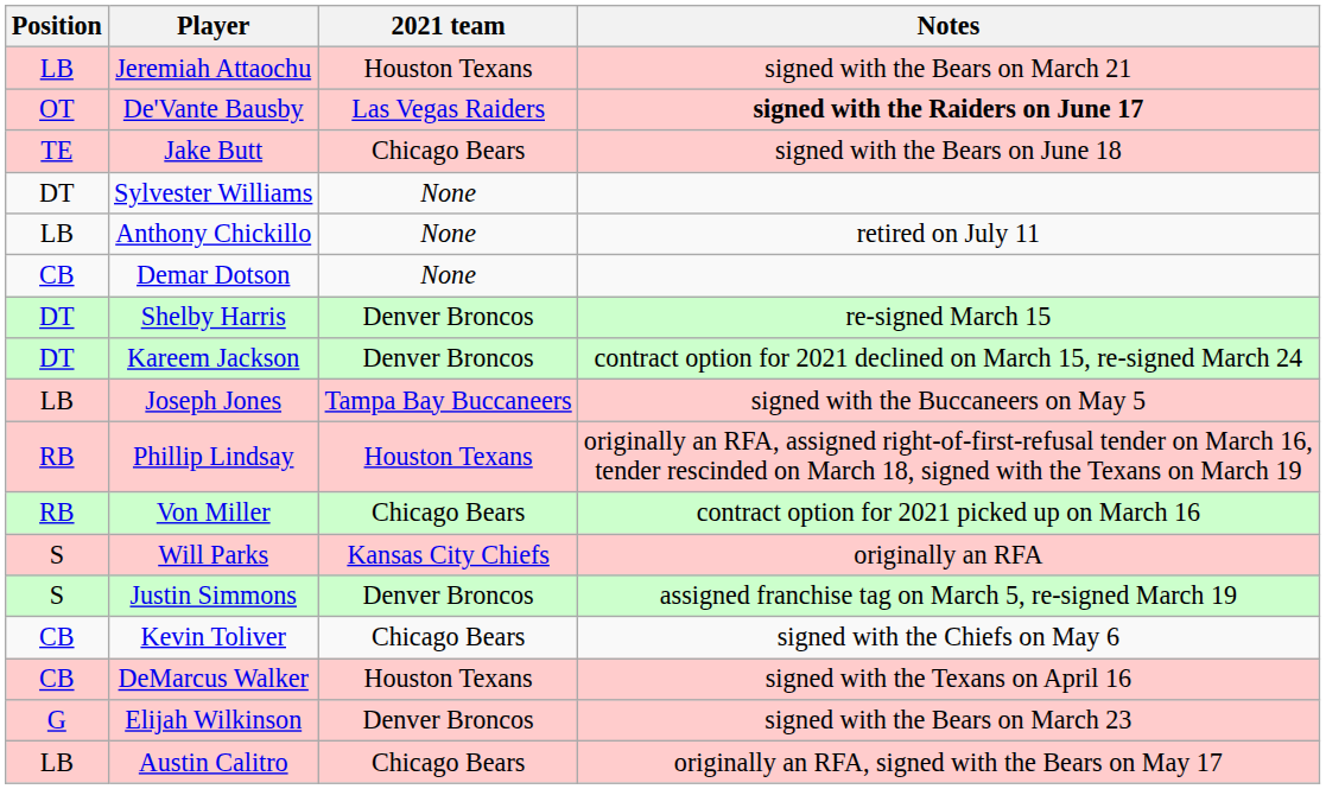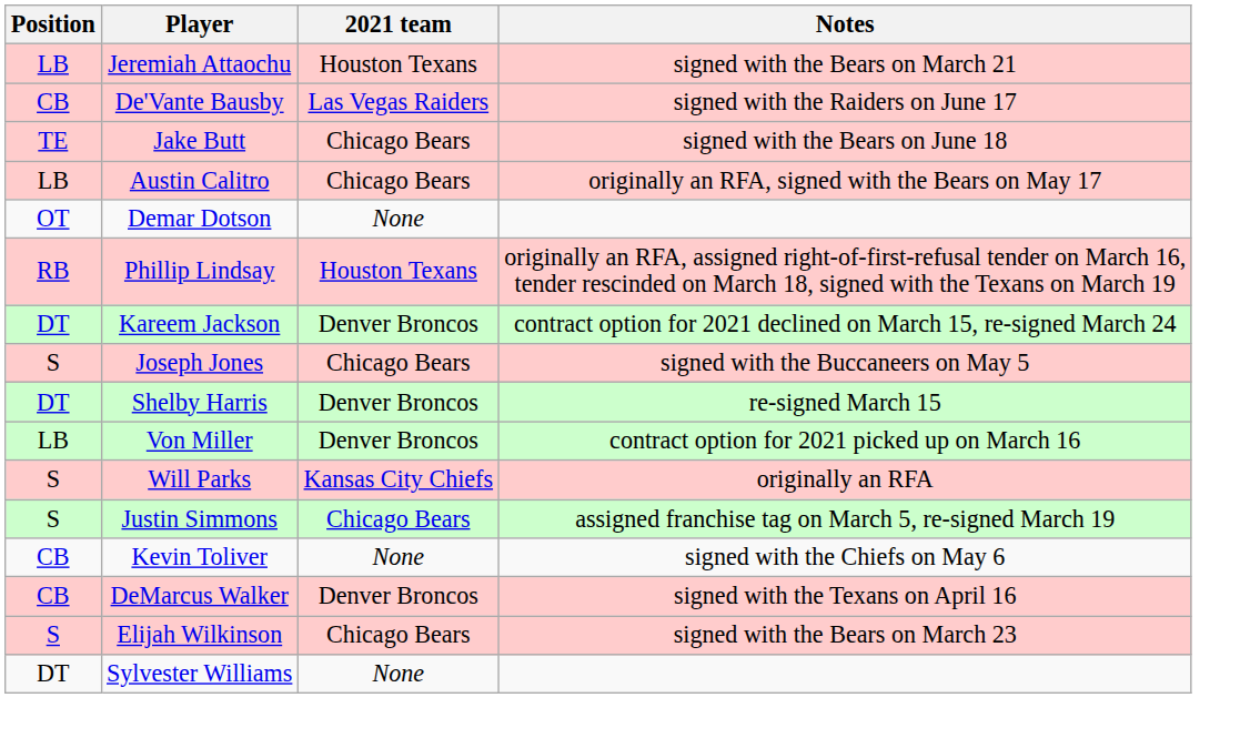 <table class="wikitable" style="text-align:center">
 <tr>
 <th>Position</th>
 <th>Player</th>
 <th>2021 team</th>
 <th>Notes</th>
 </tr>
 <tr style="background:#fcc">
 <td><a href='#'>LB</a></td>
 <td><a href='#'>Jeremiah Attaochu</a></td>
 <td>Houston Texans</td>
 <td>signed with the Bears on March 21</td>
 </tr>
 <tr style="background:#fcc">
-<td><a href='#'>OT</a></td>
+<td><a href='#'>CB</a></td>
 <td><a href='#'>De'Vante Bausby</a></td>
 <td><a href='#'>Las Vegas Raiders</a></td>
-<td><strong>signed with the Raiders on June 17</strong></td>
+<td>signed with the Raiders on June 17</td>
 </tr>
 <tr style="background:#fcc">
 <td><a href='#'>TE</a></td>
 <td><a href='#'>Jake Butt</a></td>
 <td>Chicago Bears</td>
 <td>signed with the Bears on June 18</td>
 </tr>
+<tr style="background:#fcc">
+<td>LB</td>
+<td><a href='#'>Austin Calitro</a></td>
+<td>Chicago Bears</td>
+<td>originally an RFA, signed with the Bears on May 17</td>
+</tr>
 <tr style="background:#">
-<td>DT</td>
-<td><a href='#'>Sylvester Williams</a></td>
+<td><a href='#'>OT</a></td>
+<td><a href='#'>Demar Dotson</a></td>
 <td><em>None</em></td>
 <td></td>
 </tr>
-<tr style="background:#">
-<td>LB</td>
-<td><a href='#'>Anthony Chickillo</a></td>
-<td><em>None</em></td>
-<td>retired on July 11</td>
+<tr style="background:#fcc">
+<td><a href='#'>RB</a></td>
+<td><a href='#'>Phillip Lindsay</a></td>
+<td><a href='#'>Houston Texans</a></td>
+<td>originally an RFA, assigned right-of-first-refusal tender on March 16,<br>tender rescinded on March 18, signed with the Texans on March 19</td>
 </tr>
-<tr style="background:#">
-<td><a href='#'>CB</a></td>
-<td><a href='#'>Demar Dotson</a></td>
-<td><em>None</em></td>
-<td></td>
+<tr style="background:#cfc">
+<td><a href='#'>DT</a></td>
+<td><a href='#'>Kareem Jackson</a></td>
+<td>Denver Broncos</td>
+<td>contract option for 2021 declined on March 15, re-signed March 24</td>
+</tr>
+<tr style="background:#fcc">
+<td>S</td>
+<td><a href='#'>Joseph Jones</a></td>
+<td>Chicago Bears</td>
+<td>signed with the Buccaneers on May 5</td>
 </tr>
 <tr style="background:#cfc">
 <td><a href='#'>DT</a></td>
 <td><a href='#'>Shelby Harris</a></td>
 <td>Denver Broncos</td>
 <td>re-signed March 15</td>
 </tr>
 <tr style="background:#cfc">
-<td><a href='#'>DT</a></td>
-<td><a href='#'>Kareem Jackson</a></td>
+<td>LB</td>
+<td><a href='#'>Von Miller</a></td>
 <td>Denver Broncos</td>
-<td>contract option for 2021 declined on March 15, re-signed March 24</td>
-</tr>
-<tr style="background:#fcc">
-<td>LB</td>
-<td><a href='#'>Joseph Jones</a></td>
-<td><a href='#'>Tampa Bay Buccaneers</a></td>
-<td>signed with the Buccaneers on May 5</td>
-</tr>
-<tr style="background:#fcc">
-<td><a href='#'>RB</a></td>
-<td><a href='#'>Phillip Lindsay</a></td>
-<td><a href='#'>Houston Texans</a></td>
-<td>originally an RFA, assigned right-of-first-refusal tender on March 16,<br>tender rescinded on March 18, signed with the Texans on March 19</td>
-</tr>
-<tr style="background:#cfc">
-<td><a href='#'>RB</a></td>
-<td><a href='#'>Von Miller</a></td>
-<td>Chicago Bears</td>
 <td>contract option for 2021 picked up on March 16</td>
 </tr>
 <tr style="background:#fcc">
 <td>S</td>
 <td><a href='#'>Will Parks</a></td>
 <td><a href='#'>Kansas City Chiefs</a></td>
 <td>originally an RFA</td>
 </tr>
 <tr style="background:#cfc">
 <td>S</td>
 <td><a href='#'>Justin Simmons</a></td>
-<td>Denver Broncos</td>
+<td><a href='#'>Chicago Bears</a></td>
 <td>assigned franchise tag on March 5, re-signed March 19</td>
 </tr>
 <tr style="background:#">
 <td><a href='#'>CB</a></td>
 <td><a href='#'>Kevin Toliver</a></td>
-<td>Chicago Bears</td>
+<td><em>None</em></td>
 <td>signed with the Chiefs on May 6</td>
 </tr>
 <tr style="background:#fcc">
 <td><a href='#'>CB</a></td>
 <td><a href='#'>DeMarcus Walker</a></td>
-<td>Houston Texans</td>
+<td>Denver Broncos</td>
 <td>signed with the Texans on April 16</td>
 </tr>
 <tr style="background:#fcc">
-<td><a href='#'>G</a></td>
+<td><a href='#'>S</a></td>
 <td><a href='#'>Elijah Wilkinson</a></td>
-<td>Denver Broncos</td>
+<td>Chicago Bears</td>
 <td>signed with the Bears on March 23</td>
 </tr>
-<tr style="background:#fcc">
-<td>LB</td>
-<td><a href='#'>Austin Calitro</a></td>
-<td>Chicago Bears</td>
-<td>originally an RFA, signed with the Bears on May 17</td>
+<tr style="background:#">
+<td>DT</td>
+<td><a href='#'>Sylvester Williams</a></td>
+<td><em>None</em></td>
+<td></td>
 </tr>
 </table>
